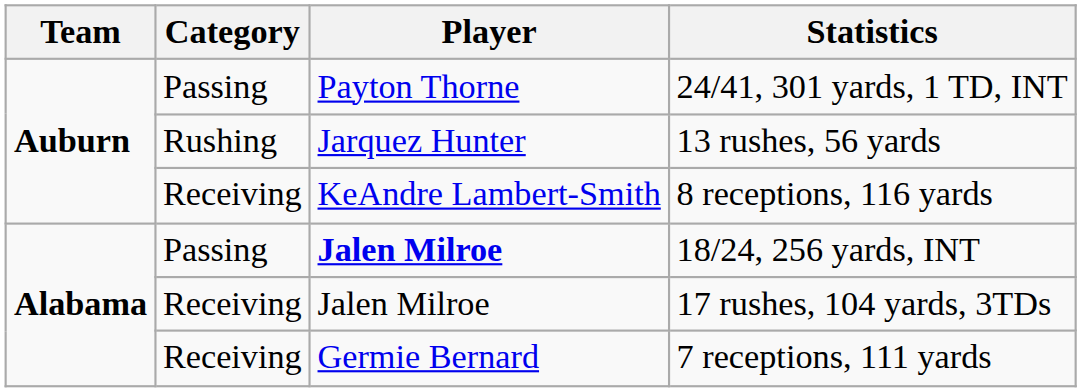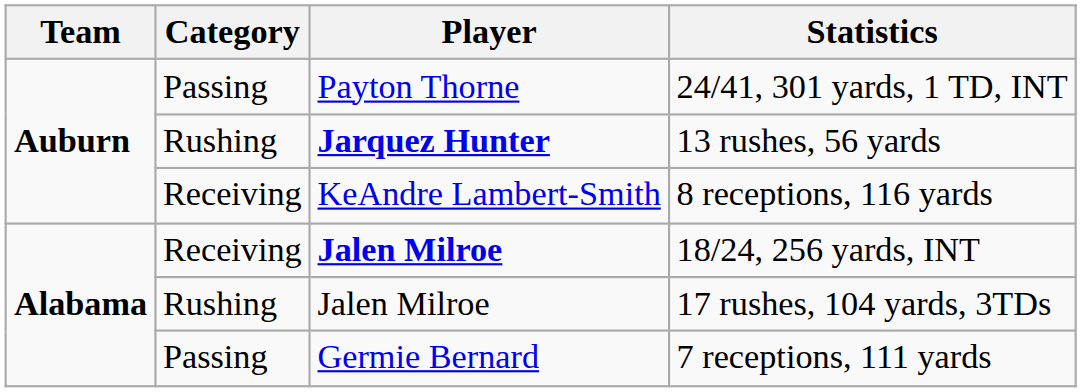 <table class="wikitable" style="float: right;">
 <tr>
 <th>Team</th>
 <th>Category</th>
 <th>Player</th>
 <th>Statistics</th>
 </tr>
 <tr>
 <td rowspan=3><strong>Auburn</strong></td>
 <td>Passing</td>
 <td><a href='#'>Payton Thorne</a></td>
 <td>24/41, 301 yards, 1 TD, INT</td>
 </tr>
 <tr>
 <td>Rushing</td>
-<td><a href='#'>Jarquez Hunter</a></td>
+<td><strong><a href='#'>Jarquez Hunter</a></strong></td>
 <td>13 rushes, 56 yards</td>
 </tr>
 <tr>
 <td>Receiving</td>
 <td><a href='#'>KeAndre Lambert-Smith</a></td>
 <td>8 receptions, 116 yards</td>
 </tr>
 <tr>
 <td rowspan=3><strong>Alabama</strong></td>
-<td>Passing</td>
+<td>Receiving</td>
 <td><strong><a href='#'>Jalen Milroe</a></strong></td>
 <td>18/24, 256 yards, INT</td>
 </tr>
 <tr>
-<td>Receiving</td>
+<td>Rushing</td>
 <td>Jalen Milroe</td>
 <td>17 rushes, 104 yards, 3TDs</td>
 </tr>
 <tr>
-<td>Receiving</td>
+<td>Passing</td>
 <td><a href='#'>Germie Bernard</a></td>
 <td>7 receptions, 111 yards</td>
 </tr>
 </table>
